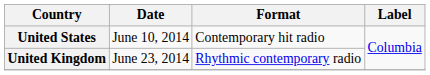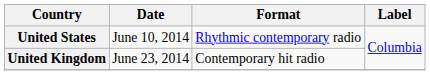 <table class="wikitable plainrowheaders">
 <tr>
 <th>Country</th>
 <th>Date</th>
 <th>Format</th>
 <th>Label</th>
 </tr>
 <tr>
 <th scope="row" rowspan="1">United States</th>
 <td rowspan="1">June 10, 2014</td>
-<td>Contemporary hit radio</td>
+<td><a href='#'>Rhythmic contemporary</a> radio</td>
 <td rowspan="2"><a href='#'>Columbia</a></td>
 </tr>
 <tr>
 <th scope="row">United Kingdom</th>
 <td>June 23, 2014</td>
-<td><a href='#'>Rhythmic contemporary</a> radio</td>
+<td>Contemporary hit radio</td>
 </tr>
 <tr>
 </tr>
 </table>
